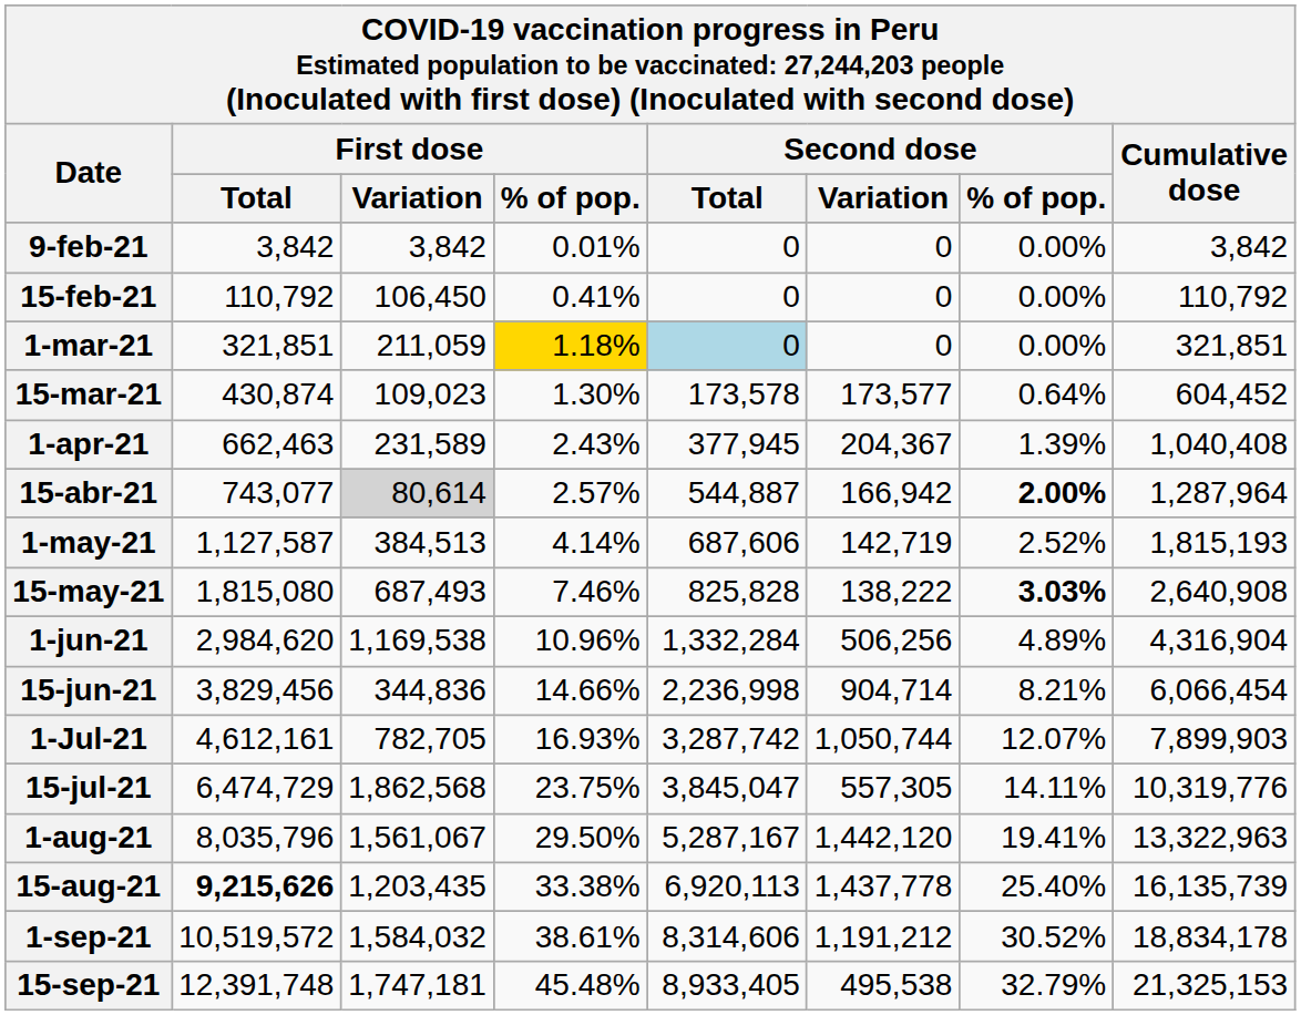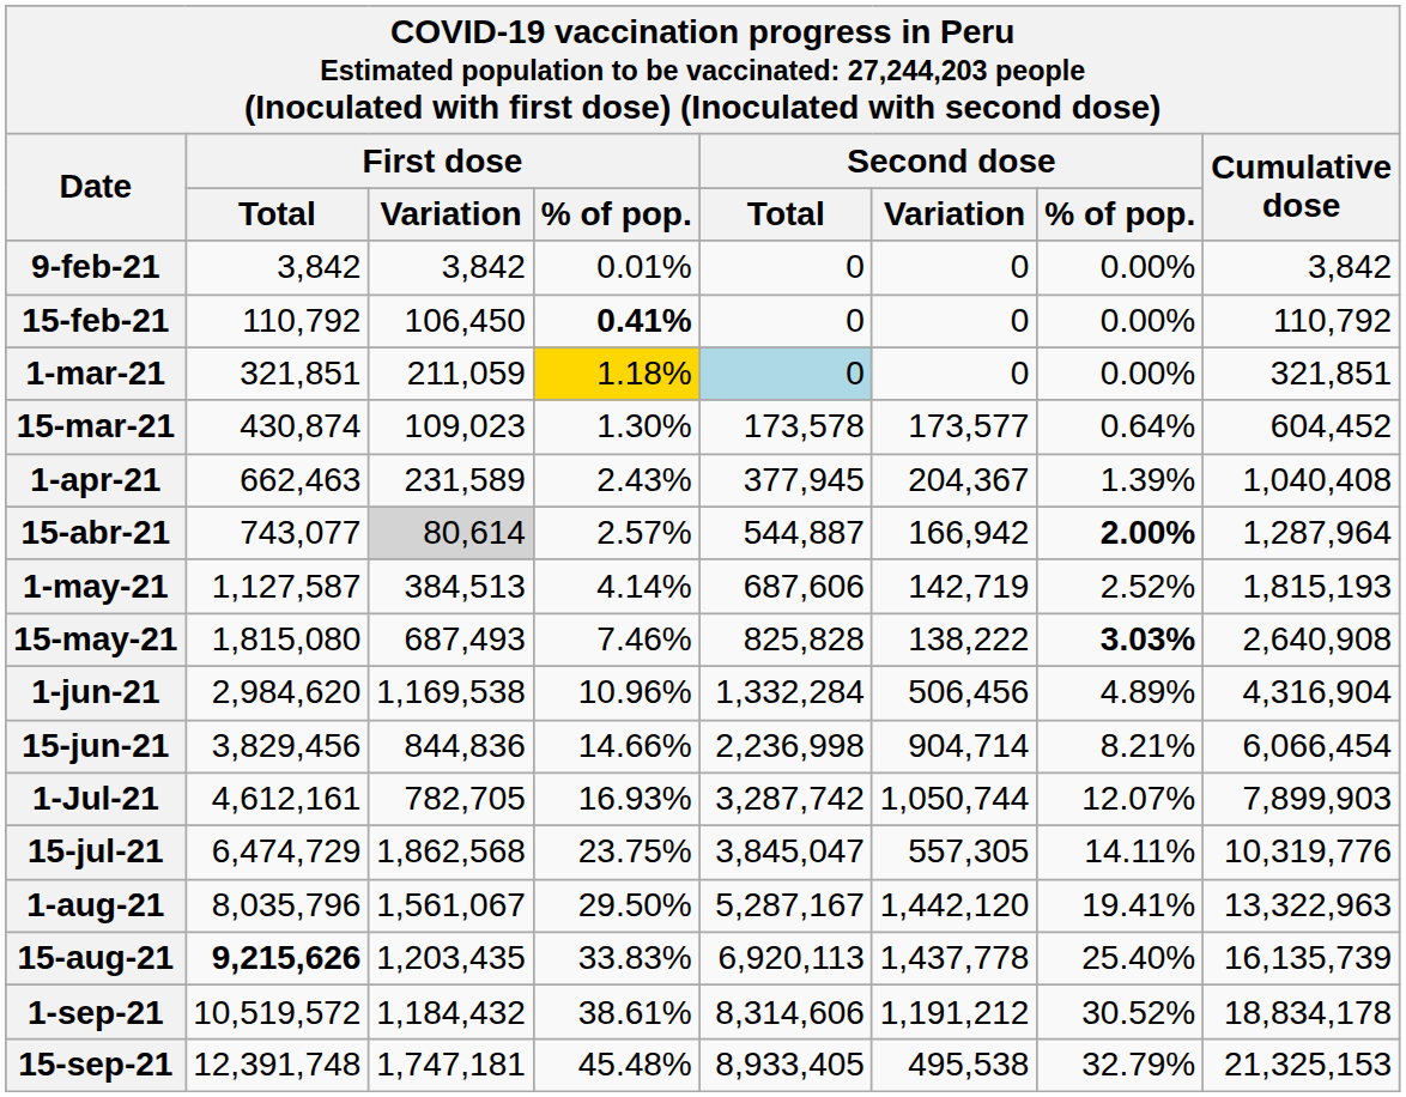 <table class="wikitable" style="text-align:right">
 <tr>
 <th colspan="8">COVID-19 vaccination progress in Peru<br><small>Estimated population to be vaccinated: 27,244,203 people</small><br>  (Inoculated with first dose)    (Inoculated with second dose)</th>
 </tr>
 <tr>
 <th rowspan="2">Date</th>
 <th colspan="3">First dose</th>
 <th colspan="3">Second dose</th>
 <th rowspan="2">Cumulative<br>dose</th>
 </tr>
 <tr>
 <th width= 75>Total</th>
 <th>Variation</th>
 <th>% of pop.</th>
 <th width= 75>Total</th>
 <th>Variation</th>
 <th>% of pop.</th>
 </tr>
 <tr>
 <th>9-feb-21</th>
 <td>3,842</td>
 <td>3,842</td>
 <td>0.01%</td>
 <td>0</td>
 <td>0</td>
 <td>0.00%</td>
 <td>3,842</td>
 </tr>
 <tr>
 <th>15-feb-21</th>
 <td>110,792</td>
 <td>106,450</td>
-<td>0.41%</td>
+<td><strong>0.41%</strong></td>
 <td>0</td>
 <td>0</td>
 <td>0.00%</td>
 <td>110,792</td>
 </tr>
 <tr>
 <th>1-mar-21</th>
 <td>321,851</td>
 <td>211,059</td>
 <td style="background: gold;">1.18%</td>
 <td style="background: lightblue;">0</td>
 <td>0</td>
 <td>0.00%</td>
 <td>321,851</td>
 </tr>
 <tr>
 <th>15-mar-21</th>
 <td>430,874</td>
 <td>109,023</td>
 <td>1.30%</td>
 <td>173,578</td>
 <td>173,577</td>
 <td>0.64%</td>
 <td>604,452</td>
 </tr>
 <tr>
 <th>1-apr-21</th>
 <td>662,463</td>
 <td>231,589</td>
 <td>2.43%</td>
 <td>377,945</td>
 <td>204,367</td>
 <td>1.39%</td>
 <td>1,040,408</td>
 </tr>
 <tr>
 <th>15-abr-21</th>
 <td>743,077</td>
 <td style="background: lightgrey;">80,614</td>
 <td>2.57%</td>
 <td>544,887</td>
 <td>166,942</td>
 <td><strong>2.00%</strong></td>
 <td>1,287,964</td>
 </tr>
 <tr>
 <th>1-may-21</th>
 <td>1,127,587</td>
 <td>384,513</td>
 <td>4.14%</td>
 <td>687,606</td>
 <td>142,719</td>
 <td>2.52%</td>
 <td>1,815,193</td>
 </tr>
 <tr>
 <th>15-may-21</th>
 <td>1,815,080</td>
 <td>687,493</td>
 <td>7.46%</td>
 <td>825,828</td>
 <td>138,222</td>
 <td><strong>3.03%</strong></td>
 <td>2,640,908</td>
 </tr>
 <tr>
 <th>1-jun-21</th>
 <td>2,984,620</td>
 <td>1,169,538</td>
 <td>10.96%</td>
 <td>1,332,284</td>
-<td>506,256</td>
+<td>506,456</td>
 <td>4.89%</td>
 <td>4,316,904</td>
 </tr>
 <tr>
 <th>15-jun-21</th>
 <td>3,829,456</td>
-<td>344,836</td>
+<td>844,836</td>
 <td>14.66%</td>
 <td>2,236,998</td>
 <td>904,714</td>
 <td>8.21%</td>
 <td>6,066,454</td>
 </tr>
 <tr>
 <th>1-Jul-21</th>
 <td>4,612,161</td>
 <td>782,705</td>
 <td>16.93%</td>
 <td>3,287,742</td>
 <td>1,050,744</td>
 <td>12.07%</td>
 <td>7,899,903</td>
 </tr>
 <tr>
 <th>15-jul-21</th>
 <td>6,474,729</td>
 <td>1,862,568</td>
 <td>23.75%</td>
 <td>3,845,047</td>
 <td>557,305</td>
 <td>14.11%</td>
 <td>10,319,776</td>
 </tr>
 <tr>
 <th>1-aug-21</th>
 <td>8,035,796</td>
 <td>1,561,067</td>
 <td>29.50%</td>
 <td>5,287,167</td>
 <td>1,442,120</td>
 <td>19.41%</td>
 <td>13,322,963</td>
 </tr>
 <tr>
 <th>15-aug-21</th>
 <td><strong>9,215,626</strong></td>
 <td>1,203,435</td>
-<td>33.38%</td>
+<td>33.83%</td>
 <td>6,920,113</td>
 <td>1,437,778</td>
 <td>25.40%</td>
 <td>16,135,739</td>
 </tr>
 <tr>
 <th>1-sep-21</th>
 <td>10,519,572</td>
-<td>1,584,032</td>
+<td>1,184,432</td>
 <td>38.61%</td>
 <td>8,314,606</td>
 <td>1,191,212</td>
 <td>30.52%</td>
 <td>18,834,178</td>
 </tr>
 <tr>
 <th>15-sep-21</th>
 <td>12,391,748</td>
 <td>1,747,181</td>
 <td>45.48%</td>
 <td>8,933,405</td>
 <td>495,538</td>
 <td>32.79%</td>
 <td>21,325,153</td>
 </tr>
 </table>
